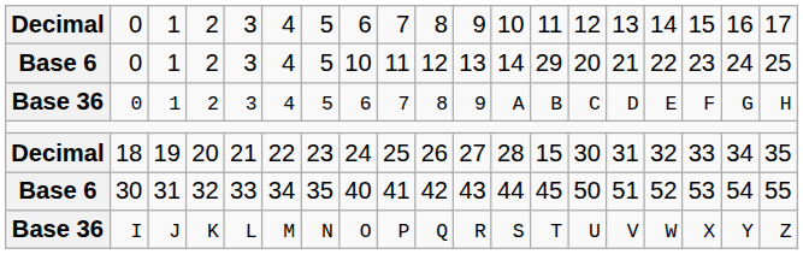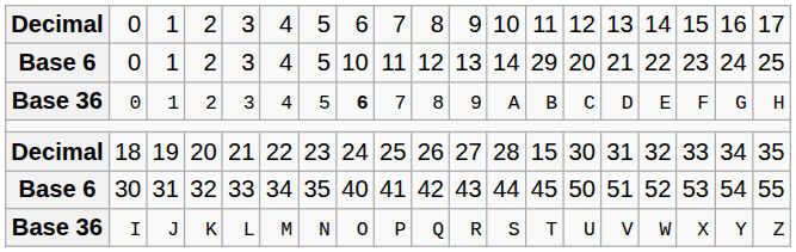 <table class="wikitable">
 <tr align="right">
 <th>Decimal</th>
 <td>0</td>
 <td>1</td>
 <td>2</td>
 <td>3</td>
 <td>4</td>
 <td>5</td>
 <td>6</td>
 <td>7</td>
 <td>8</td>
 <td>9</td>
 <td>10</td>
 <td>11</td>
 <td>12</td>
 <td>13</td>
 <td>14</td>
 <td>15</td>
 <td>16</td>
 <td>17</td>
 </tr>
 <tr align="right">
 <th>Base 6</th>
 <td>0</td>
 <td>1</td>
 <td>2</td>
 <td>3</td>
 <td>4</td>
 <td>5</td>
 <td>10</td>
 <td>11</td>
 <td>12</td>
 <td>13</td>
 <td>14</td>
 <td>29</td>
 <td>20</td>
 <td>21</td>
 <td>22</td>
 <td>23</td>
 <td>24</td>
 <td>25</td>
 </tr>
 <tr align="right">
 <th>Base 36</th>
 <td><code>0</code></td>
 <td><code>1</code></td>
 <td><code>2</code></td>
 <td><code>3</code></td>
 <td><code>4</code></td>
 <td><code>5</code></td>
-<td><code>6</code></td>
+<td><strong><code>6</code></strong></td>
 <td><code>7</code></td>
 <td><code>8</code></td>
 <td><code>9</code></td>
 <td><code>A</code></td>
 <td><code>B</code></td>
 <td><code>C</code></td>
 <td><code>D</code></td>
 <td><code>E</code></td>
 <td><code>F</code></td>
 <td><code>G</code></td>
 <td><code>H</code></td>
 </tr>
 <tr>
 <td style="font: 0.5em/0.5em serif;" colspan="19"> </td>
 </tr>
 <tr align="right">
 <th>Decimal</th>
 <td>18</td>
 <td>19</td>
 <td>20</td>
 <td>21</td>
 <td>22</td>
 <td>23</td>
 <td>24</td>
 <td>25</td>
 <td>26</td>
 <td>27</td>
 <td>28</td>
 <td>15</td>
 <td>30</td>
 <td>31</td>
 <td>32</td>
 <td>33</td>
 <td>34</td>
 <td>35</td>
 </tr>
 <tr align="right">
 <th>Base 6</th>
 <td>30</td>
 <td>31</td>
 <td>32</td>
 <td>33</td>
 <td>34</td>
 <td>35</td>
 <td>40</td>
 <td>41</td>
 <td>42</td>
 <td>43</td>
 <td>44</td>
 <td>45</td>
 <td>50</td>
 <td>51</td>
 <td>52</td>
 <td>53</td>
 <td>54</td>
 <td>55</td>
 </tr>
 <tr align="right">
 <th>Base 36</th>
 <td><code>I</code></td>
 <td><code>J</code></td>
 <td><code>K</code></td>
 <td><code>L</code></td>
 <td><code>M</code></td>
 <td><code>N</code></td>
 <td><code>O</code></td>
 <td><code>P</code></td>
 <td><code>Q</code></td>
 <td><code>R</code></td>
 <td><code>S</code></td>
 <td><code>T</code></td>
 <td><code>U</code></td>
 <td><code>V</code></td>
 <td><code>W</code></td>
 <td><code>X</code></td>
 <td><code>Y</code></td>
 <td><code>Z</code></td>
 </tr>
 </table>
